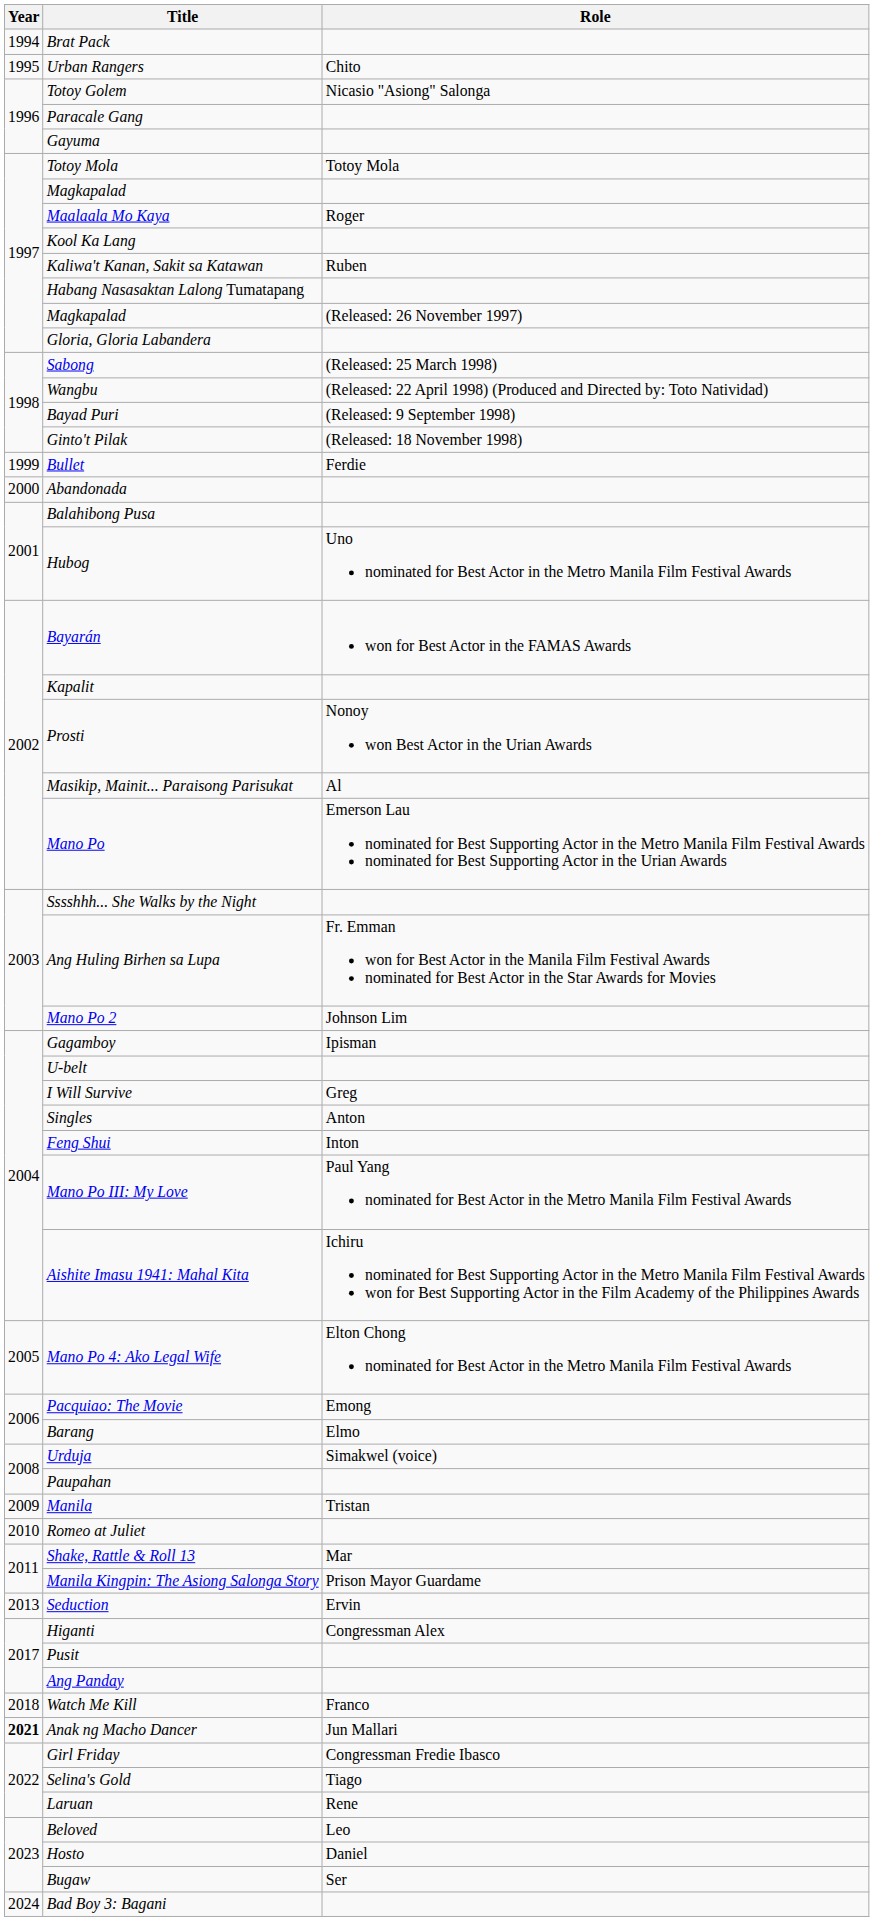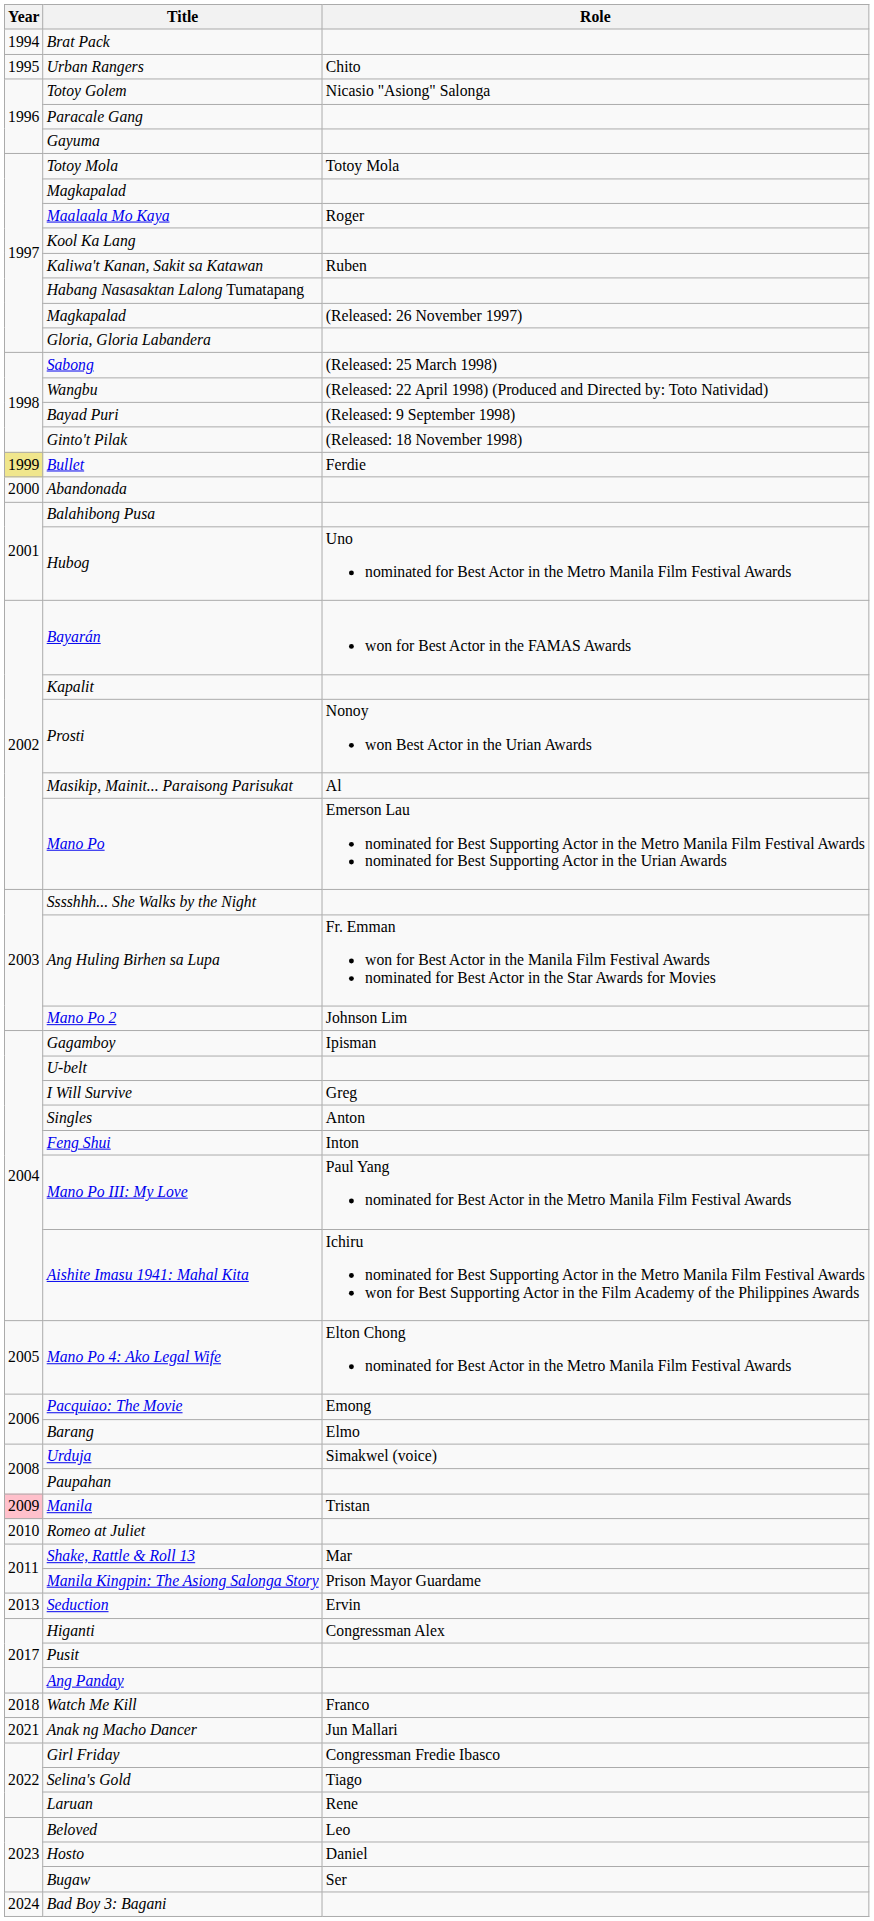 <table class="wikitable sortable">
 <tr>
 <th>Year</th>
 <th>Title</th>
 <th>Role</th>
 </tr>
 <tr>
 <td>1994</td>
 <td><em>Brat Pack</em></td>
 <td></td>
 </tr>
 <tr>
 <td>1995</td>
 <td><em>Urban Rangers</em></td>
 <td>Chito</td>
 </tr>
 <tr>
 <td rowspan="3">1996</td>
 <td><em>Totoy Golem</em></td>
 <td>Nicasio "Asiong" Salonga</td>
 </tr>
 <tr>
 <td><em>Paracale Gang</em></td>
 <td></td>
 </tr>
 <tr>
 <td><em>Gayuma</em></td>
 <td></td>
 </tr>
 <tr>
 <td rowspan=8>1997</td>
 <td><em>Totoy Mola</em></td>
 <td>Totoy Mola</td>
 </tr>
 <tr>
 <td><em>Magkapalad</em></td>
 <td></td>
 </tr>
 <tr>
 <td><em><a href='#'>Maalaala Mo Kaya</a></em></td>
 <td>Roger</td>
 </tr>
 <tr>
 <td><em>Kool Ka Lang</em></td>
 <td></td>
 </tr>
 <tr>
 <td><em>Kaliwa't Kanan, Sakit sa Katawan</em></td>
 <td>Ruben</td>
 </tr>
 <tr>
 <td><em>Habang Nasasaktan Lalong</em> Tumatapang</td>
 <td></td>
 </tr>
 <tr>
 <td><em>Magkapalad</em></td>
 <td>(Released: 26 November 1997)</td>
 </tr>
 <tr>
 <td><em>Gloria, Gloria Labandera</em></td>
 <td></td>
 </tr>
 <tr>
 <td rowspan=4>1998</td>
 <td><em><a href='#'>Sabong</a></em></td>
 <td>(Released: 25 March 1998)</td>
 </tr>
 <tr>
 <td><em>Wangbu</em></td>
 <td>(Released: 22 April 1998) (Produced and Directed by: Toto Natividad)</td>
 </tr>
 <tr>
 <td><em>Bayad Puri</em></td>
 <td>(Released: 9 September 1998)</td>
 </tr>
 <tr>
 <td><em>Ginto't Pilak</em></td>
 <td>(Released: 18 November 1998)</td>
 </tr>
 <tr>
-<td>1999</td>
+<td style="background: khaki;">1999</td>
 <td><em><a href='#'>Bullet</a></em></td>
 <td>Ferdie</td>
 </tr>
 <tr>
 <td>2000</td>
 <td><em>Abandonada</em></td>
 <td></td>
 </tr>
 <tr>
 <td rowspan=2>2001</td>
 <td><em>Balahibong Pusa</em></td>
 <td></td>
 </tr>
 <tr>
 <td><em>Hubog</em></td>
 <td>Uno<br><ul><li>nominated for Best Actor in the Metro Manila Film Festival Awards</li></ul></td>
 </tr>
 <tr>
 <td rowspan=5>2002</td>
 <td><em><a href='#'>Bayarán</a></em></td>
 <td><br><ul><li>won for Best Actor in the FAMAS Awards</li></ul></td>
 </tr>
 <tr>
 <td><em>Kapalit</em></td>
 <td></td>
 </tr>
 <tr>
 <td><em>Prosti</em></td>
 <td>Nonoy<br><ul><li>won Best Actor in the Urian Awards</li></ul></td>
 </tr>
 <tr>
 <td><em>Masikip, Mainit... Paraisong Parisukat</em></td>
 <td>Al</td>
 </tr>
 <tr>
 <td><em><a href='#'>Mano Po</a></em></td>
 <td>Emerson Lau<br><ul><li>nominated for Best Supporting Actor in the Metro Manila Film Festival Awards</li><li>nominated for Best Supporting Actor in the Urian Awards</li></ul></td>
 </tr>
 <tr>
 <td rowspan=3>2003</td>
 <td><em> Sssshhh... She Walks by the Night</em></td>
 <td></td>
 </tr>
 <tr>
 <td><em>Ang Huling Birhen sa Lupa</em></td>
 <td>Fr. Emman<br><ul><li>won for Best Actor in the Manila Film Festival Awards</li><li>nominated for Best Actor in the Star Awards for Movies</li></ul></td>
 </tr>
 <tr>
 <td><em><a href='#'>Mano Po 2</a></em></td>
 <td>Johnson Lim</td>
 </tr>
 <tr>
 <td rowspan=7>2004</td>
 <td><em>Gagamboy</em></td>
 <td>Ipisman</td>
 </tr>
 <tr>
 <td><em>U-belt</em></td>
 <td></td>
 </tr>
 <tr>
 <td><em>I Will Survive</em></td>
 <td>Greg</td>
 </tr>
 <tr>
 <td><em>Singles</em></td>
 <td>Anton</td>
 </tr>
 <tr>
 <td><em><a href='#'>Feng Shui</a></em></td>
 <td>Inton</td>
 </tr>
 <tr>
 <td><em><a href='#'>Mano Po III: My Love</a></em></td>
 <td>Paul Yang<br><ul><li>nominated for Best Actor in the Metro Manila Film Festival Awards</li></ul></td>
 </tr>
 <tr>
 <td><em><a href='#'>Aishite Imasu 1941: Mahal Kita</a></em></td>
 <td>Ichiru<br><ul><li>nominated for Best Supporting Actor in the Metro Manila Film Festival Awards</li><li>won for Best Supporting Actor in the Film Academy of the Philippines Awards</li></ul></td>
 </tr>
 <tr>
 <td>2005</td>
 <td><em><a href='#'>Mano Po 4: Ako Legal Wife</a></em></td>
 <td>Elton Chong<br><ul><li>nominated for Best Actor in the Metro Manila Film Festival Awards</li></ul></td>
 </tr>
 <tr>
 <td rowspan=2>2006</td>
 <td><em><a href='#'>Pacquiao: The Movie</a></em></td>
 <td>Emong</td>
 </tr>
 <tr>
 <td><em>Barang</em></td>
 <td>Elmo</td>
 </tr>
 <tr>
 <td rowspan=2>2008</td>
 <td><em><a href='#'>Urduja</a></em></td>
 <td>Simakwel (voice)</td>
 </tr>
 <tr>
 <td><em>Paupahan</em></td>
 <td></td>
 </tr>
 <tr>
-<td>2009</td>
+<td style="background: pink;">2009</td>
 <td><em><a href='#'>Manila</a></em></td>
 <td>Tristan</td>
 </tr>
 <tr>
 <td>2010</td>
 <td><em>Romeo at Juliet</em></td>
 <td></td>
 </tr>
 <tr>
 <td rowspan="2">2011</td>
 <td><em><a href='#'>Shake, Rattle & Roll 13</a></em></td>
 <td>Mar</td>
 </tr>
 <tr>
 <td><em><a href='#'>Manila Kingpin: The Asiong Salonga Story </a></em></td>
 <td>Prison Mayor Guardame</td>
 </tr>
 <tr>
 <td>2013</td>
 <td><em><a href='#'>Seduction</a></em></td>
 <td>Ervin</td>
 </tr>
 <tr>
 <td rowspan=3>2017</td>
 <td><em>Higanti</em></td>
 <td>Congressman Alex</td>
 </tr>
 <tr>
 <td><em>Pusit</em></td>
 <td></td>
 </tr>
 <tr>
 <td><em><a href='#'>Ang Panday</a></em></td>
 <td></td>
 </tr>
 <tr>
 <td>2018</td>
 <td><em>Watch Me Kill</em></td>
 <td>Franco</td>
 </tr>
 <tr>
-<td><strong>2021</strong></td>
+<td>2021</td>
 <td><em>Anak ng Macho Dancer</em></td>
 <td>Jun Mallari</td>
 </tr>
 <tr>
 <td rowspan="3">2022</td>
 <td><em>Girl Friday</em></td>
 <td>Congressman Fredie Ibasco</td>
 </tr>
 <tr>
 <td><em>Selina's Gold</em></td>
 <td>Tiago</td>
 </tr>
 <tr>
 <td><em>Laruan</em></td>
 <td>Rene</td>
 </tr>
 <tr>
 <td rowspan="3">2023</td>
 <td><em>Beloved</em></td>
 <td>Leo</td>
 </tr>
 <tr>
 <td><em>Hosto</em></td>
 <td>Daniel</td>
 </tr>
 <tr>
 <td><em>Bugaw</em></td>
 <td>Ser</td>
 </tr>
 <tr>
 <td>2024</td>
 <td><em>Bad Boy 3: Bagani</em></td>
 <td></td>
 </tr>
 </table>
